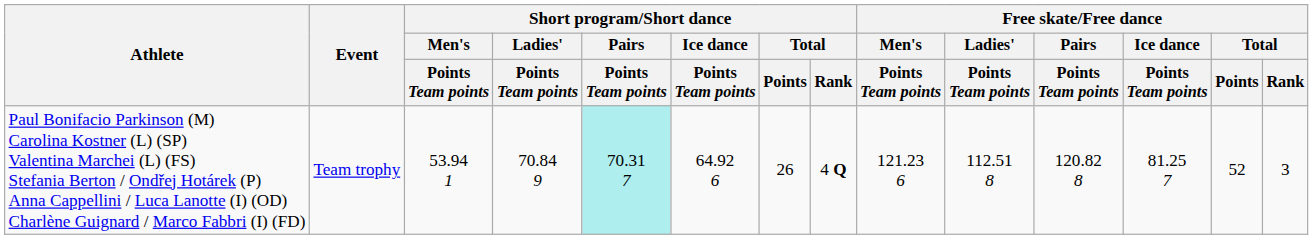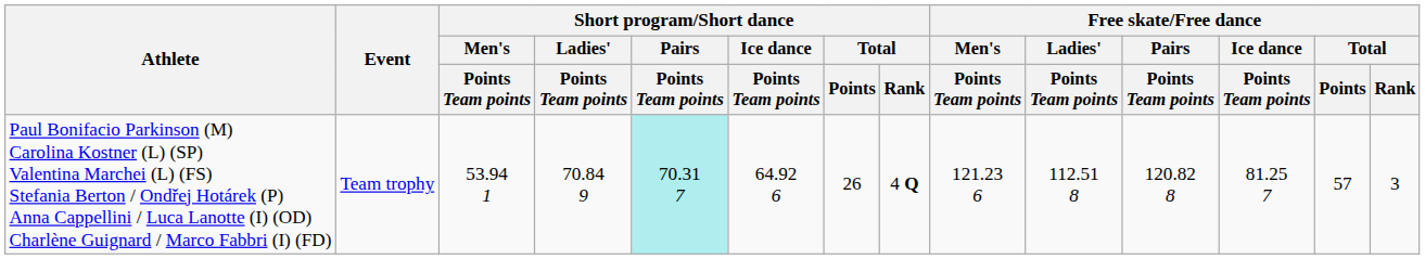 <table class="wikitable" style="font-size:90%">
 <tr>
 <th rowspan=3>Athlete</th>
 <th rowspan=3>Event</th>
 <th colspan=6>Short program/Short dance</th>
 <th colspan=6>Free skate/Free dance</th>
 </tr>
 <tr style="font-size:95%">
 <th>Men's</th>
 <th>Ladies'</th>
 <th>Pairs</th>
 <th>Ice dance</th>
 <th colspan=2>Total</th>
 <th>Men's</th>
 <th>Ladies'</th>
 <th>Pairs</th>
 <th>Ice dance</th>
 <th colspan=2>Total</th>
 </tr>
 <tr style="font-size:95%">
 <th>Points<br><em>Team points</em></th>
 <th>Points<br><em>Team points</em></th>
 <th>Points<br><em>Team points</em></th>
 <th>Points<br><em>Team points</em></th>
 <th>Points</th>
 <th>Rank</th>
 <th>Points<br><em>Team points</em></th>
 <th>Points<br><em>Team points</em></th>
 <th>Points<br><em>Team points</em></th>
 <th>Points<br><em>Team points</em></th>
 <th>Points</th>
 <th>Rank</th>
 </tr>
 <tr align=center>
 <td align=left><a href='#'>Paul Bonifacio Parkinson</a> (M)<br><a href='#'>Carolina Kostner</a> (L) (SP)<br><a href='#'>Valentina Marchei</a> (L) (FS)<br><a href='#'>Stefania Berton</a> / <a href='#'>Ondřej Hotárek</a> (P)<br><a href='#'>Anna Cappellini</a> / <a href='#'>Luca Lanotte</a> (I) (OD)<br><a href='#'>Charlène Guignard</a> / <a href='#'>Marco Fabbri</a> (I) (FD)</td>
 <td align=left><a href='#'>Team trophy</a></td>
 <td>53.94<br><em>1</em></td>
 <td>70.84<br><em>9</em></td>
 <td style="background: paleturquoise;">70.31<br><em>7</em></td>
 <td>64.92<br><em>6</em></td>
 <td>26</td>
 <td>4 <strong>Q</strong></td>
 <td>121.23<br><em>6</em></td>
 <td>112.51<br><em>8</em></td>
 <td>120.82<br><em>8</em></td>
 <td>81.25<br><em>7</em></td>
-<td>52</td>
+<td>57</td>
 <td>3</td>
 </tr>
 </table>
